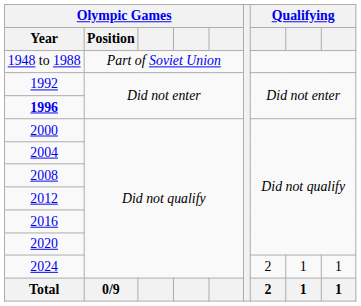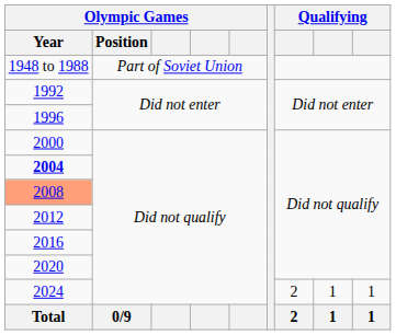 <table class="wikitable" style="text-align: center;font-size:90%;">
 <tr>
 <th colspan=5><a href='#'>Olympic Games</a></th>
 <th rowspan=13></th>
 <th colspan=3><a href='#'>Qualifying</a></th>
 </tr>
 <tr>
 <th>Year</th>
 <th>Position</th>
 <th width=30></th>
 <th width=30></th>
 <th width=30></th>
 <th width=30></th>
 <th width=30></th>
 <th width=30></th>
 </tr>
 <tr>
 <td><a href='#'>1948</a> to <a href='#'>1988</a></td>
 <td colspan=4><em>Part of <a href='#'>Soviet Union</a></em></td>
 </tr>
 <tr>
 <td> <a href='#'>1992</a></td>
 <td colspan=4 rowspan=2><em>Did not enter</em></td>
 <td colspan=3 rowspan=2><em>Did not enter</em></td>
 </tr>
 <tr>
-<td><strong> <a href='#'>1996</a></strong></td>
+<td> <a href='#'>1996</a></td>
 </tr>
 <tr>
 <td> <a href='#'>2000</a></td>
 <td colspan=4 rowspan=7><em>Did not qualify</em></td>
 <td colspan=3 rowspan=6><em>Did not qualify</em></td>
 </tr>
 <tr>
-<td> <a href='#'>2004</a></td>
+<td><strong> <a href='#'>2004</a></strong></td>
 </tr>
 <tr>
-<td> <a href='#'>2008</a></td>
+<td style="background: lightsalmon;"> <a href='#'>2008</a></td>
 </tr>
 <tr>
 <td> <a href='#'>2012</a></td>
 </tr>
 <tr>
 <td> <a href='#'>2016</a></td>
 </tr>
 <tr>
 <td> <a href='#'>2020</a></td>
 </tr>
 <tr>
 <td> <a href='#'>2024</a></td>
 <td>2</td>
 <td>1</td>
 <td>1</td>
 </tr>
 <tr>
 <th>Total</th>
 <th>0/9</th>
 <th></th>
 <th></th>
 <th></th>
 <th>2</th>
 <th>1</th>
 <th>1</th>
 </tr>
 </table>
